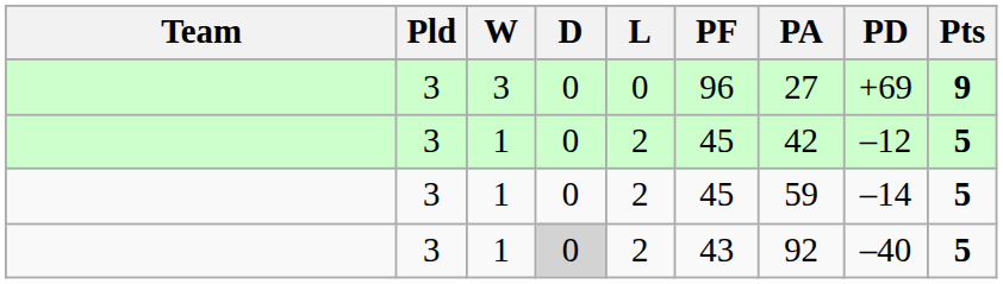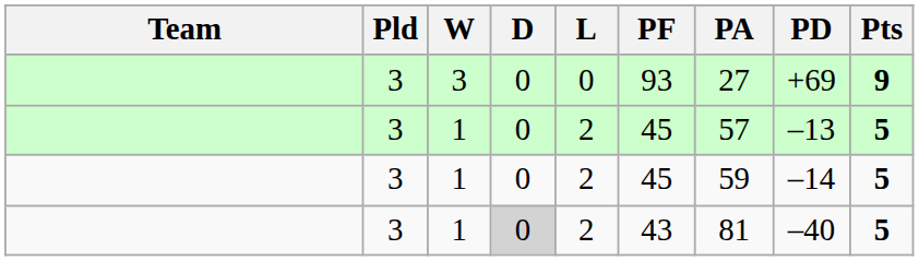 <table class="wikitable" style="text-align:center;">
 <tr>
 <th width=175>Team</th>
 <th width=25 abbr="Played">Pld</th>
 <th width=25 abbr="Won">W</th>
 <th width=25 abbr="Drawn">D</th>
 <th width=25 abbr="Lost">L</th>
 <th width=32 abbr="Points for">PF</th>
 <th width=32 abbr="Points against">PA</th>
 <th width=32 abbr="Points difference">PD</th>
 <th width=25 abbr="Points">Pts</th>
 </tr>
 <tr bgcolor=ccffcc>
 <td align=left></td>
 <td>3</td>
 <td>3</td>
 <td>0</td>
 <td>0</td>
-<td>96</td>
+<td>93</td>
 <td>27</td>
 <td>+69</td>
 <td><strong>9</strong></td>
 </tr>
 <tr bgcolor=ccffcc>
 <td align=left></td>
 <td>3</td>
 <td>1</td>
 <td>0</td>
 <td>2</td>
 <td>45</td>
-<td>42</td>
-<td>–12</td>
+<td>57</td>
+<td>–13</td>
 <td><strong>5</strong></td>
 </tr>
 <tr>
 <td align=left></td>
 <td>3</td>
 <td>1</td>
 <td>0</td>
 <td>2</td>
 <td>45</td>
 <td>59</td>
 <td>–14</td>
 <td><strong>5</strong></td>
 </tr>
 <tr>
 <td align=left></td>
 <td>3</td>
 <td>1</td>
 <td style="background: lightgrey;">0</td>
 <td>2</td>
 <td>43</td>
-<td>92</td>
+<td>81</td>
 <td>–40</td>
 <td><strong>5</strong></td>
 </tr>
 </table>
